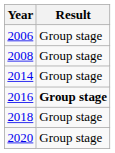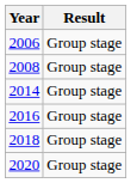 <table class="wikitable">
 <tr>
 <th>Year</th>
 <th>Result</th>
 </tr>
 <tr>
 <td> <a href='#'>2006</a></td>
 <td>Group stage</td>
 </tr>
 <tr>
 <td> <a href='#'>2008</a></td>
 <td>Group stage</td>
 </tr>
 <tr>
 <td> <a href='#'>2014</a></td>
 <td>Group stage</td>
 </tr>
 <tr>
 <td> <a href='#'>2016</a></td>
-<td><strong>Group stage</strong></td>
+<td>Group stage</td>
 </tr>
 <tr>
 <td> <a href='#'>2018</a></td>
 <td>Group stage</td>
 </tr>
 <tr>
 <td> <a href='#'>2020</a></td>
 <td>Group stage</td>
 </tr>
 </table>
